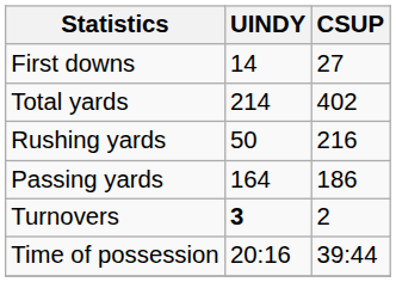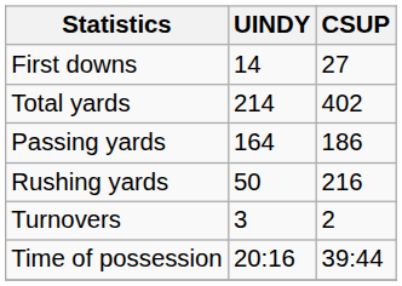 <table class="wikitable" style="float: left;">
 <tr>
 <th>Statistics</th>
 <th>UINDY</th>
 <th>CSUP</th>
 </tr>
 <tr>
 <td>First downs</td>
 <td>14</td>
 <td>27</td>
 </tr>
 <tr>
 <td>Total yards</td>
 <td>214</td>
 <td>402</td>
 </tr>
 <tr>
+<td>Passing yards</td>
+<td>164</td>
+<td>186</td>
+</tr>
+<tr>
 <td>Rushing yards</td>
 <td>50</td>
 <td>216</td>
 </tr>
 <tr>
-<td>Passing yards</td>
-<td>164</td>
-<td>186</td>
-</tr>
-<tr>
 <td>Turnovers</td>
-<td><strong>3</strong></td>
+<td>3</td>
 <td>2</td>
 </tr>
 <tr>
 <td>Time of possession</td>
 <td>20:16</td>
 <td>39:44</td>
 </tr>
 <tr>
 </tr>
 </table>
